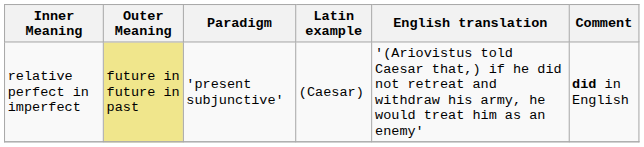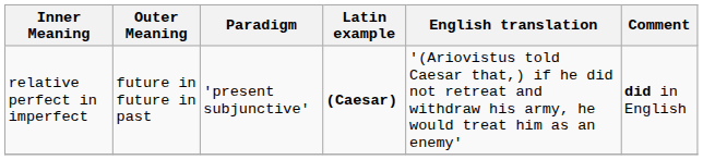 <table class="wikitable">
 <tr>
 <th>Inner Meaning</th>
 <th>Outer Meaning</th>
 <th>Paradigm</th>
 <th>Latin example</th>
 <th>English translation</th>
 <th>Comment</th>
 </tr>
 <tr>
 <td rowspan=1>relative perfect in imperfect</td>
-<td rowspan=1 style="background: khaki;">future in future in past</td>
+<td rowspan=1>future in future in past</td>
 <td rowspan=1>'present subjunctive'</td>
-<td> (Caesar)</td>
+<td><strong> (Caesar)</strong></td>
 <td>'(Ariovistus told Caesar that,) if he did not retreat and withdraw his army, he would treat him as an enemy'</td>
 <td rowspan=1><strong>did</strong> in English</td>
 </tr>
 <tr>
 </tr>
 </table>
